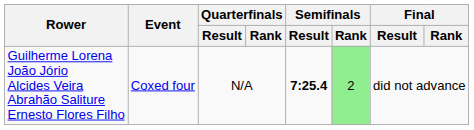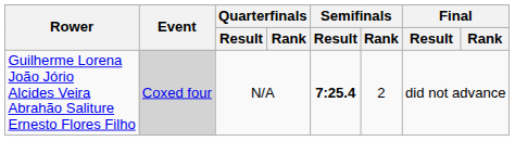 <table class=wikitable style="font-size:90%">
 <tr>
 <th rowspan=2>Rower</th>
 <th rowspan=2>Event</th>
 <th colspan=2>Quarterfinals</th>
 <th colspan=2>Semifinals</th>
 <th colspan=2>Final</th>
 </tr>
 <tr>
 <th>Result</th>
 <th>Rank</th>
 <th>Result</th>
 <th>Rank</th>
 <th>Result</th>
 <th>Rank</th>
 </tr>
 <tr>
 <td><a href='#'>Guilherme Lorena</a> <br> <a href='#'>João Jório</a> <br> <a href='#'>Alcides Veira</a> <br> <a href='#'>Abrahão Saliture</a><br> <a href='#'>Ernesto Flores Filho</a></td>
-<td><a href='#'>Coxed four</a></td>
+<td style="background: lightgrey;"><a href='#'>Coxed four</a></td>
 <td align=center colspan=2>N/A</td>
 <td align=center><strong>7:25.4</strong></td>
-<td align=center style="background: lightgreen;">2</td>
+<td align=center>2</td>
 <td align=center colspan=2>did not advance</td>
 </tr>
 </table>
